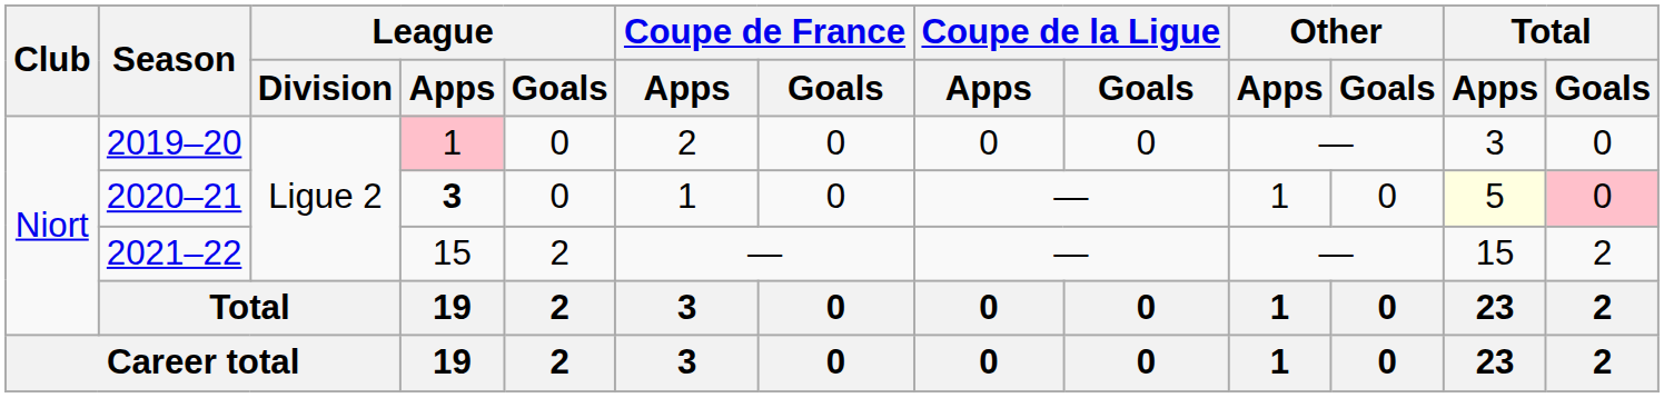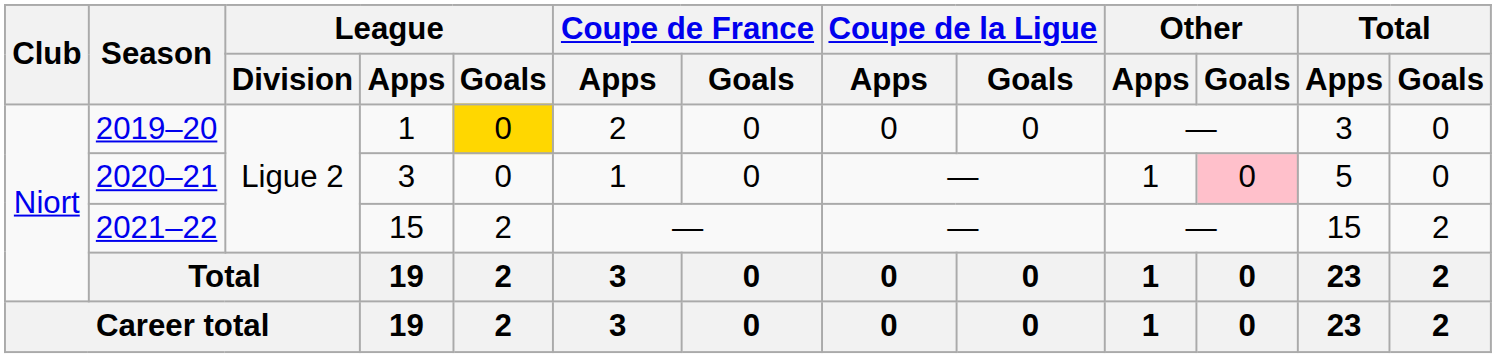 <table class="wikitable" style="text-align: center">
 <tr>
 <th rowspan="2">Club</th>
 <th rowspan="2">Season</th>
 <th colspan="3">League</th>
 <th colspan="2"><a href='#'>Coupe de France</a></th>
 <th colspan="2"><a href='#'>Coupe de la Ligue</a></th>
 <th colspan="2">Other</th>
 <th colspan="2">Total</th>
 </tr>
 <tr>
 <th>Division</th>
 <th>Apps</th>
 <th>Goals</th>
 <th>Apps</th>
 <th>Goals</th>
 <th>Apps</th>
 <th>Goals</th>
 <th>Apps</th>
 <th>Goals</th>
 <th>Apps</th>
 <th>Goals</th>
 </tr>
 <tr>
 <td rowspan="4"><a href='#'>Niort</a></td>
 <td><a href='#'>2019–20</a></td>
 <td rowspan="3">Ligue 2</td>
-<td style="background: pink;">1</td>
-<td>0</td>
+<td>1</td>
+<td style="background: gold;">0</td>
 <td>2</td>
 <td>0</td>
 <td>0</td>
 <td>0</td>
 <td colspan="2">—</td>
 <td>3</td>
 <td>0</td>
 </tr>
 <tr>
 <td><a href='#'>2020–21</a></td>
-<td><strong>3</strong></td>
+<td>3</td>
 <td>0</td>
 <td>1</td>
 <td>0</td>
 <td colspan="2">—</td>
 <td>1</td>
+<td style="background: pink;">0</td>
+<td>5</td>
 <td>0</td>
-<td style="background: lightyellow;">5</td>
-<td style="background: pink;">0</td>
 </tr>
 <tr>
 <td><a href='#'>2021–22</a></td>
 <td>15</td>
 <td>2</td>
 <td colspan="2">—</td>
 <td colspan="2">—</td>
 <td colspan="2">—</td>
 <td>15</td>
 <td>2</td>
 </tr>
 <tr>
 <th colspan="2">Total</th>
 <th>19</th>
 <th>2</th>
 <th>3</th>
 <th>0</th>
 <th>0</th>
 <th>0</th>
 <th>1</th>
 <th>0</th>
 <th>23</th>
 <th>2</th>
 </tr>
 <tr>
 <th colspan="3">Career total</th>
 <th>19</th>
 <th>2</th>
 <th>3</th>
 <th>0</th>
 <th>0</th>
 <th>0</th>
 <th>1</th>
 <th>0</th>
 <th>23</th>
 <th>2</th>
 </tr>
 </table>
